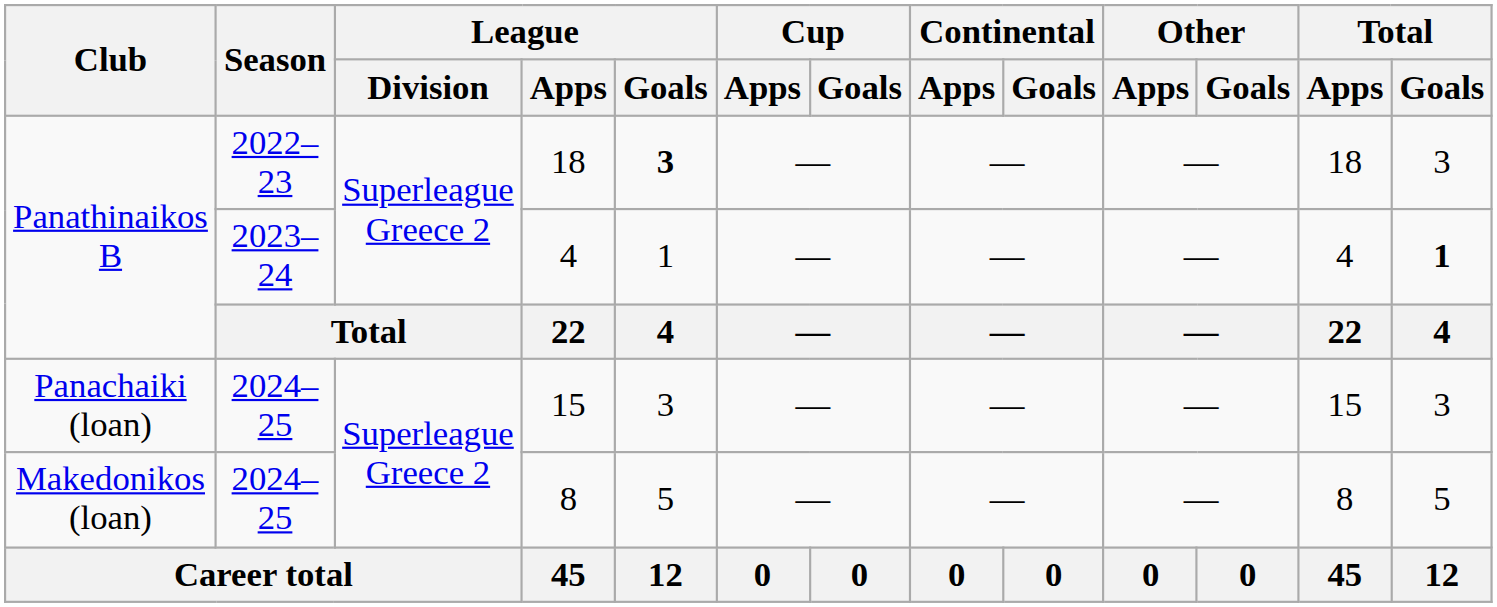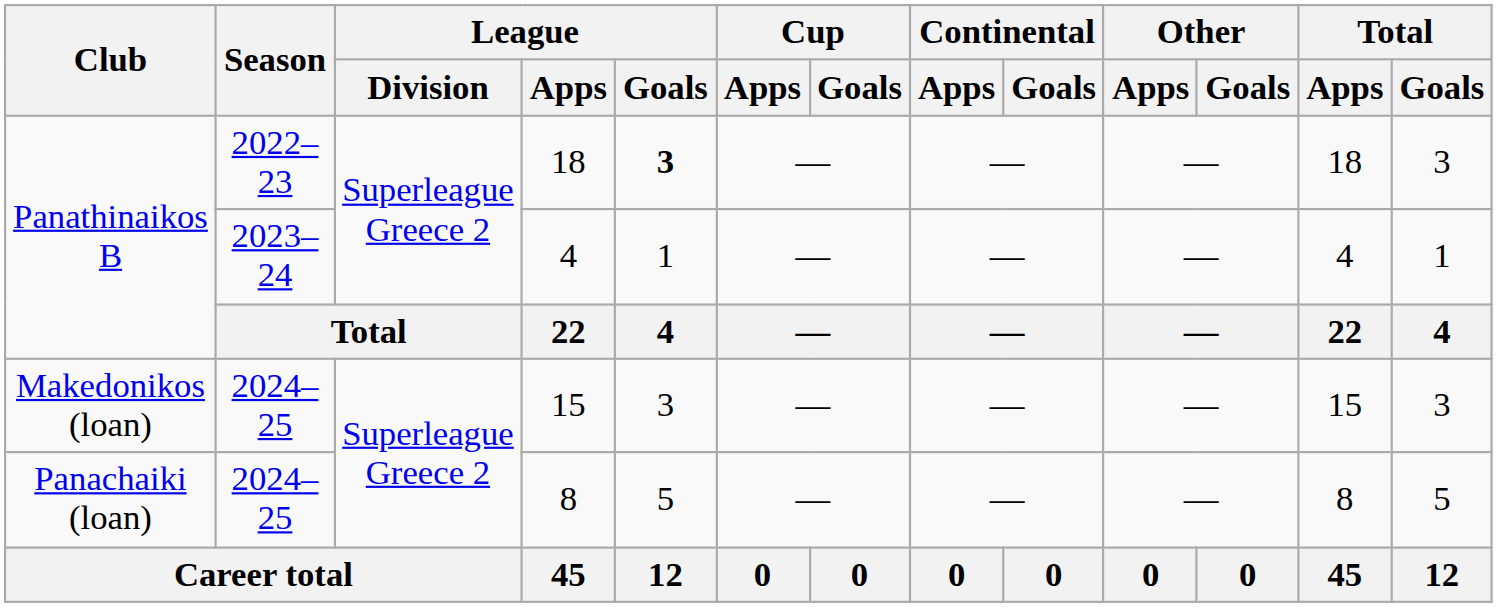 <table class="wikitable" style="text-align:center">
 <tr>
 <th rowspan=2>Club</th>
 <th rowspan=2>Season</th>
 <th colspan=3>League</th>
 <th colspan=2>Cup</th>
 <th colspan=2>Continental</th>
 <th colspan=2>Other</th>
 <th colspan=2>Total</th>
 </tr>
 <tr>
 <th>Division</th>
 <th>Apps</th>
 <th>Goals</th>
 <th>Apps</th>
 <th>Goals</th>
 <th>Apps</th>
 <th>Goals</th>
 <th>Apps</th>
 <th>Goals</th>
 <th>Apps</th>
 <th>Goals</th>
 </tr>
 <tr>
 <td rowspan="3"><a href='#'>Panathinaikos B</a></td>
 <td><a href='#'>2022–23</a></td>
 <td rowspan="2"><a href='#'>Superleague Greece 2</a></td>
 <td>18</td>
 <td><strong>3</strong></td>
 <td colspan="2">—</td>
 <td colspan="2">—</td>
 <td colspan="2">—</td>
 <td>18</td>
 <td>3</td>
 </tr>
 <tr>
 <td><a href='#'>2023–24</a></td>
 <td>4</td>
 <td>1</td>
 <td colspan="2">—</td>
 <td colspan="2">—</td>
 <td colspan="2">—</td>
 <td>4</td>
-<td><strong>1</strong></td>
+<td>1</td>
 </tr>
 <tr>
 <th colspan="2">Total</th>
 <th>22</th>
 <th>4</th>
 <th colspan="2">—</th>
 <th colspan="2">—</th>
 <th colspan="2">—</th>
 <th>22</th>
 <th>4</th>
 </tr>
 <tr>
-<td><a href='#'>Panachaiki</a> (loan)</td>
+<td><a href='#'>Makedonikos</a> (loan)</td>
 <td><a href='#'>2024–25</a></td>
 <td rowspan="2"><a href='#'>Superleague Greece 2</a></td>
 <td>15</td>
 <td>3</td>
 <td colspan="2">—</td>
 <td colspan="2">—</td>
 <td colspan="2">—</td>
 <td>15</td>
 <td>3</td>
 </tr>
 <tr>
-<td><a href='#'>Makedonikos</a> (loan)</td>
+<td><a href='#'>Panachaiki</a> (loan)</td>
 <td><a href='#'>2024–25</a></td>
 <td>8</td>
 <td>5</td>
 <td colspan="2">—</td>
 <td colspan="2">—</td>
 <td colspan="2">—</td>
 <td>8</td>
 <td>5</td>
 </tr>
 <tr>
 <th colspan="3">Career total</th>
 <th>45</th>
 <th>12</th>
 <th>0</th>
 <th>0</th>
 <th>0</th>
 <th>0</th>
 <th>0</th>
 <th>0</th>
 <th>45</th>
 <th>12</th>
 </tr>
 </table>
